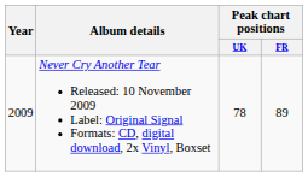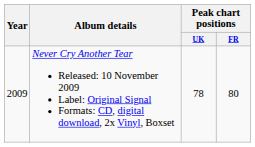 <table class="wikitable" style="text-align:left;">
 <tr>
 <th rowspan="2">Year</th>
 <th rowspan="2" style="width:225px;">Album details</th>
 <th colspan="2">Peak chart positions</th>
 </tr>
 <tr>
 <th style="width:4em;font-size:75%"><a href='#'>UK</a><br></th>
 <th style="width:4em;font-size:75%"><a href='#'>FR</a><br></th>
 </tr>
 <tr>
 <td>2009</td>
 <td><em><a href='#'>Never Cry Another Tear</a></em><br><ul><li>Released: 10 November 2009</li><li>Label: <a href='#'>Original Signal</a></li><li>Formats: <a href='#'>CD</a>, <a href='#'>digital download</a>, 2x <a href='#'>Vinyl</a>, Boxset</li></ul></td>
 <td style="text-align:center;">78</td>
-<td style="text-align:center;">89</td>
+<td style="text-align:center;">80</td>
 </tr>
 </table>
